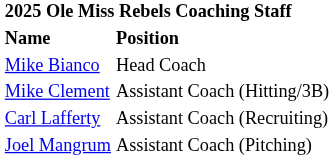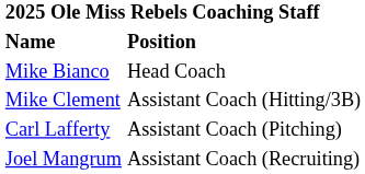 <table class="toccolours" style="text-align: left; font-size:90%;">
 <tr>
 <th colspan="9">2025 Ole Miss Rebels Coaching Staff</th>
 </tr>
 <tr>
 <th>Name</th>
 <th>Position</th>
 </tr>
 <tr>
 <td><a href='#'>Mike Bianco</a></td>
 <td>Head Coach</td>
 </tr>
 <tr>
 <td><a href='#'>Mike Clement</a></td>
 <td>Assistant Coach (Hitting/3B)</td>
 </tr>
 <tr>
 <td><a href='#'>Carl Lafferty</a></td>
-<td>Assistant Coach (Recruiting)</td>
+<td>Assistant Coach (Pitching)</td>
 </tr>
 <tr>
 <td><a href='#'>Joel Mangrum</a></td>
-<td>Assistant Coach (Pitching)</td>
+<td>Assistant Coach (Recruiting)</td>
 <td width="25"> </td>
 </tr>
 </table>
